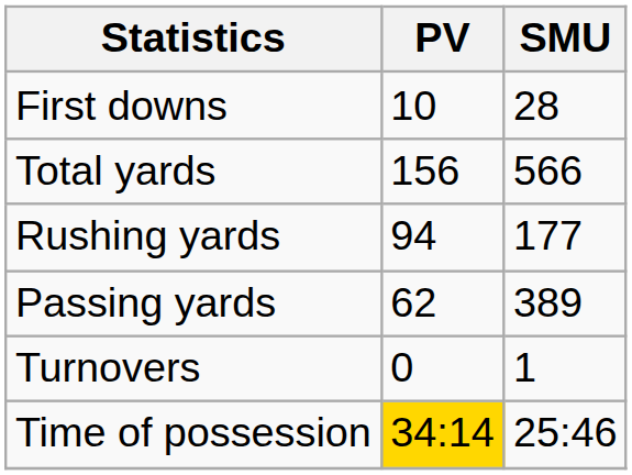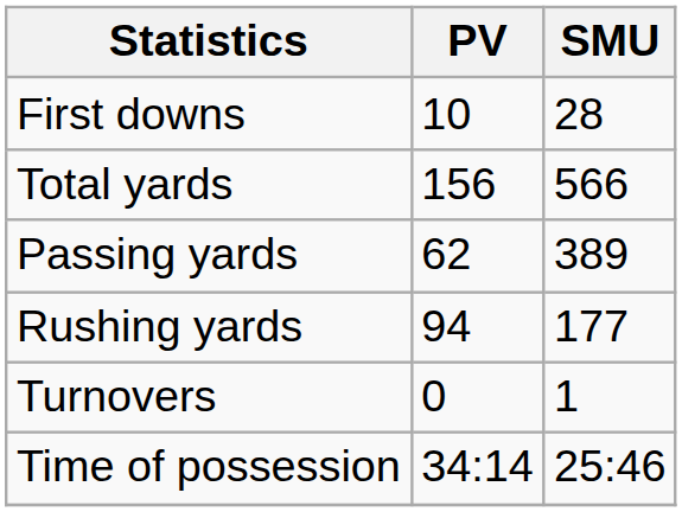 <table class="wikitable" style="float: left;">
 <tr>
 <th>Statistics</th>
 <th>PV</th>
 <th>SMU</th>
 </tr>
 <tr>
 <td>First downs</td>
 <td>10</td>
 <td>28</td>
 </tr>
 <tr>
 <td>Total yards</td>
 <td>156</td>
 <td>566</td>
 </tr>
 <tr>
+<td>Passing yards</td>
+<td>62</td>
+<td>389</td>
+</tr>
+<tr>
 <td>Rushing yards</td>
 <td>94</td>
 <td>177</td>
-</tr>
-<tr>
-<td>Passing yards</td>
-<td>62</td>
-<td>389</td>
 </tr>
 <tr>
 <td>Turnovers</td>
 <td>0</td>
 <td>1</td>
 </tr>
 <tr>
 <td>Time of possession</td>
-<td style="background: gold;">34:14</td>
+<td>34:14</td>
 <td>25:46</td>
 </tr>
 <tr>
 </tr>
 </table>
